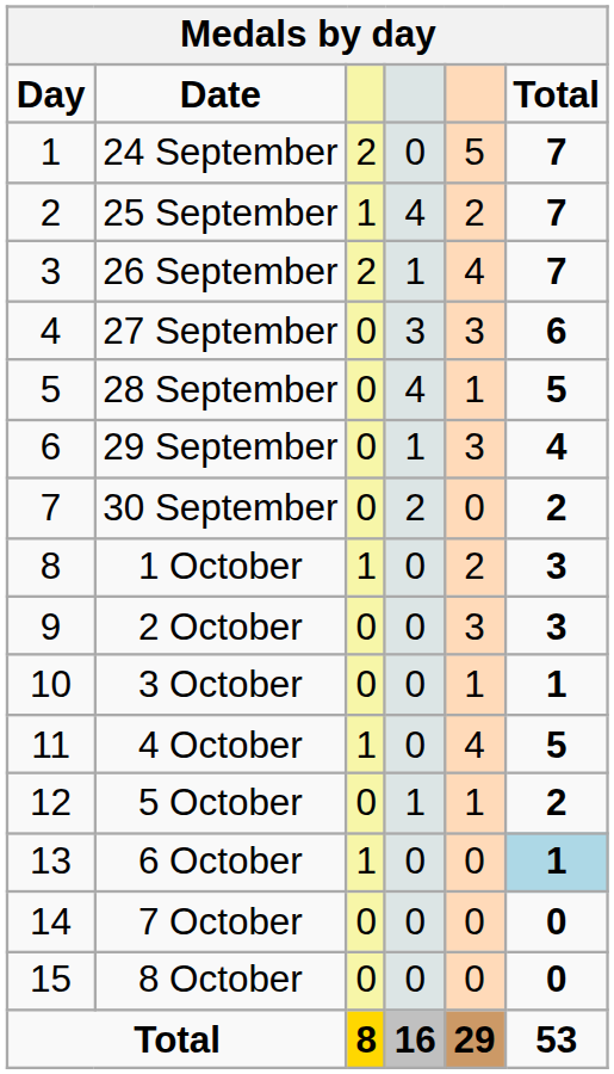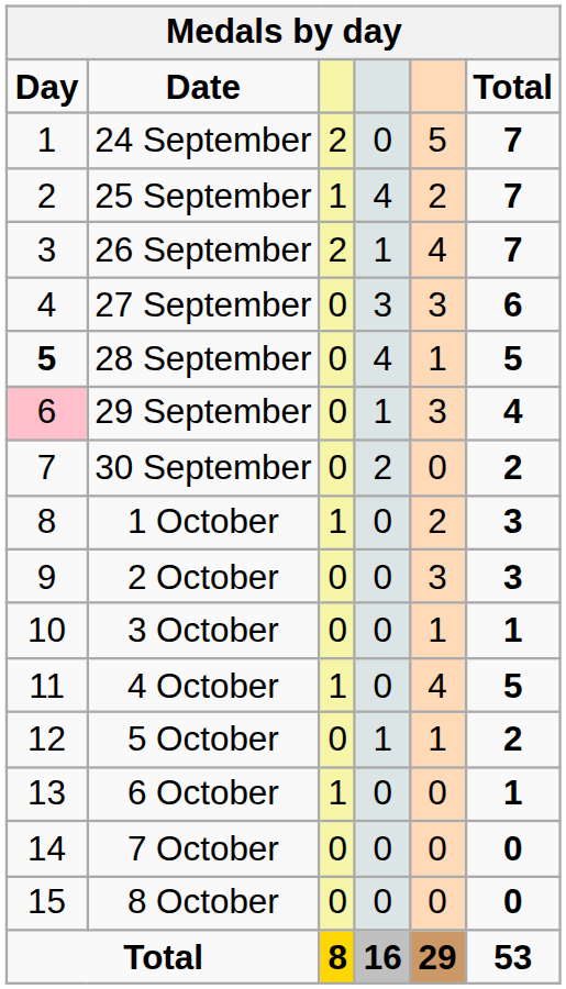 <table class=wikitable style="font-size:85%; float:right;text-align:center">
 <tr>
 <th colspan=7>Medals by day</th>
 </tr>
 <tr>
 <td><strong>Day</strong></td>
 <td><strong>Date</strong></td>
 <td bgcolor=F7F6A8></td>
 <td bgcolor=DCE5E5></td>
 <td bgcolor=FFDAB9></td>
 <td><strong>Total</strong></td>
 </tr>
 <tr>
 <td>1</td>
 <td>24 September</td>
 <td bgcolor=F7F6A8>2</td>
 <td bgcolor=DCE5E5>0</td>
 <td bgcolor=FFDAB9>5</td>
 <td><strong>7</strong></td>
 </tr>
 <tr>
 <td>2</td>
 <td>25 September</td>
 <td bgcolor=F7F6A8>1</td>
 <td bgcolor=DCE5E5>4</td>
 <td bgcolor=FFDAB9>2</td>
 <td><strong>7</strong></td>
 </tr>
 <tr>
 <td>3</td>
 <td>26 September</td>
 <td bgcolor=F7F6A8>2</td>
 <td bgcolor=DCE5E5>1</td>
 <td bgcolor=FFDAB9>4</td>
 <td><strong>7</strong></td>
 </tr>
 <tr>
 <td>4</td>
 <td>27 September</td>
 <td bgcolor=F7F6A8>0</td>
 <td bgcolor=DCE5E5>3</td>
 <td bgcolor=FFDAB9>3</td>
 <td><strong>6</strong></td>
 </tr>
 <tr>
-<td>5</td>
+<td><strong>5</strong></td>
 <td>28 September</td>
 <td bgcolor=F7F6A8>0</td>
 <td bgcolor=DCE5E5>4</td>
 <td bgcolor=FFDAB9>1</td>
 <td><strong>5</strong></td>
 </tr>
 <tr>
-<td>6</td>
+<td style="background: pink;">6</td>
 <td>29 September</td>
 <td bgcolor=F7F6A8>0</td>
 <td bgcolor=DCE5E5>1</td>
 <td bgcolor=FFDAB9>3</td>
 <td><strong>4</strong></td>
 </tr>
 <tr>
 <td>7</td>
 <td>30 September</td>
 <td bgcolor=F7F6A8>0</td>
 <td bgcolor=DCE5E5>2</td>
 <td bgcolor=FFDAB9>0</td>
 <td><strong>2</strong></td>
 </tr>
 <tr>
 <td>8</td>
 <td>1 October</td>
 <td bgcolor=F7F6A8>1</td>
 <td bgcolor=DCE5E5>0</td>
 <td bgcolor=FFDAB9>2</td>
 <td><strong>3</strong></td>
 </tr>
 <tr>
 <td>9</td>
 <td>2 October</td>
 <td bgcolor=F7F6A8>0</td>
 <td bgcolor=DCE5E5>0</td>
 <td bgcolor=FFDAB9>3</td>
 <td><strong>3</strong></td>
 </tr>
 <tr>
 <td>10</td>
 <td>3 October</td>
 <td bgcolor=F7F6A8>0</td>
 <td bgcolor=DCE5E5>0</td>
 <td bgcolor=FFDAB9>1</td>
 <td><strong>1</strong></td>
 </tr>
 <tr>
 <td>11</td>
 <td>4 October</td>
 <td bgcolor=F7F6A8>1</td>
 <td bgcolor=DCE5E5>0</td>
 <td bgcolor=FFDAB9>4</td>
 <td><strong>5</strong></td>
 </tr>
 <tr>
 <td>12</td>
 <td>5 October</td>
 <td bgcolor=F7F6A8>0</td>
 <td bgcolor=DCE5E5>1</td>
 <td bgcolor=FFDAB9>1</td>
 <td><strong>2</strong></td>
 </tr>
 <tr>
 <td>13</td>
 <td>6 October</td>
 <td bgcolor=F7F6A8>1</td>
 <td bgcolor=DCE5E5>0</td>
 <td bgcolor=FFDAB9>0</td>
-<td style="background: lightblue;"><strong>1</strong></td>
+<td><strong>1</strong></td>
 </tr>
 <tr>
 <td>14</td>
 <td>7 October</td>
 <td bgcolor=F7F6A8>0</td>
 <td bgcolor=DCE5E5>0</td>
 <td bgcolor=FFDAB9>0</td>
 <td><strong>0</strong></td>
 </tr>
 <tr>
 <td>15</td>
 <td>8 October</td>
 <td bgcolor=F7F6A8>0</td>
 <td bgcolor=DCE5E5>0</td>
 <td bgcolor=FFDAB9>0</td>
 <td><strong>0</strong></td>
 </tr>
 <tr>
 <td colspan=2><strong>Total</strong></td>
 <td style="background:gold;"><strong>8</strong></td>
 <td style="background:silver;"><strong>16</strong></td>
 <td style="background:#c96;"><strong>29</strong></td>
 <td><strong>53</strong></td>
 </tr>
 </table>
